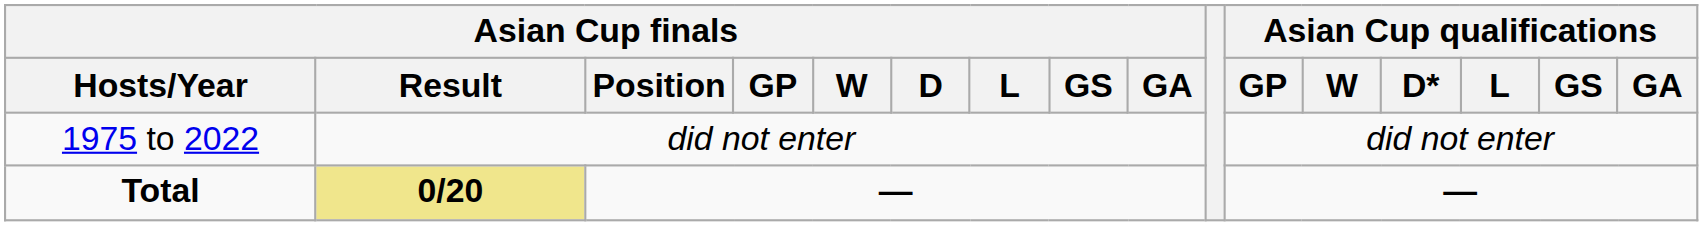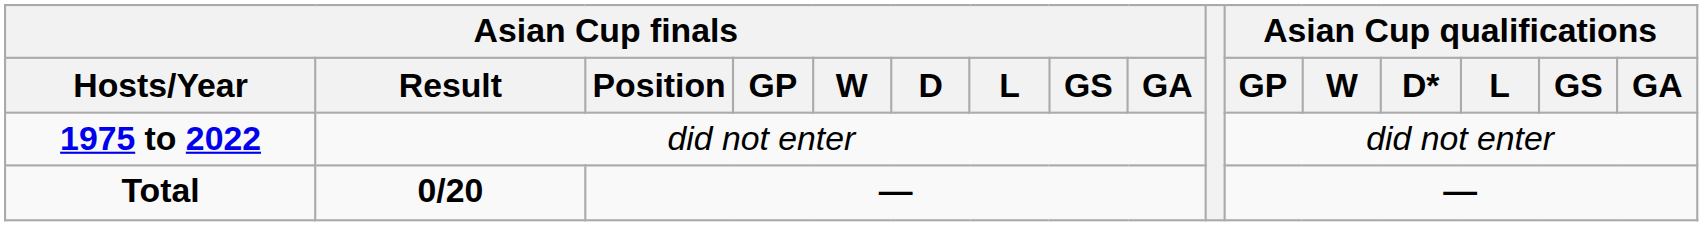 <table class="wikitable" style="text-align: center;">
 <tr>
 <th colspan=9>Asian Cup finals</th>
 <th style="width:1% ;" rowspan="16"></th>
 <th colspan=6>Asian Cup qualifications</th>
 </tr>
 <tr>
 <th width=140px>Hosts/Year</th>
 <th width=120px>Result</th>
 <th width=40px>Position</th>
 <th width=30px>GP</th>
 <th width=30px>W</th>
 <th width=30px>D</th>
 <th width=30px>L</th>
 <th width=30px>GS</th>
 <th width=30px>GA</th>
 <th width=30px>GP</th>
 <th width=30px>W</th>
 <th width=30px>D*</th>
 <th width=30px>L</th>
 <th width=30px>GS</th>
 <th width=30px>GA</th>
 </tr>
 <tr>
-<td><a href='#'>1975</a> to <a href='#'>2022</a></td>
+<td><strong><a href='#'>1975</a> to <a href='#'>2022</a></strong></td>
 <td colspan=8 rowspan=1><em>did not enter</em></td>
 <td colspan=6 rowspan=1><em>did not enter</em></td>
 </tr>
 <tr>
 <td><strong>Total</strong></td>
-<td style="background: khaki;"><strong>0/20</strong></td>
+<td><strong>0/20</strong></td>
 <td colspan=7 rowspan=1><strong>—</strong></td>
 <td colspan=6 rowspan=1><strong>—</strong></td>
 </tr>
 </table>
